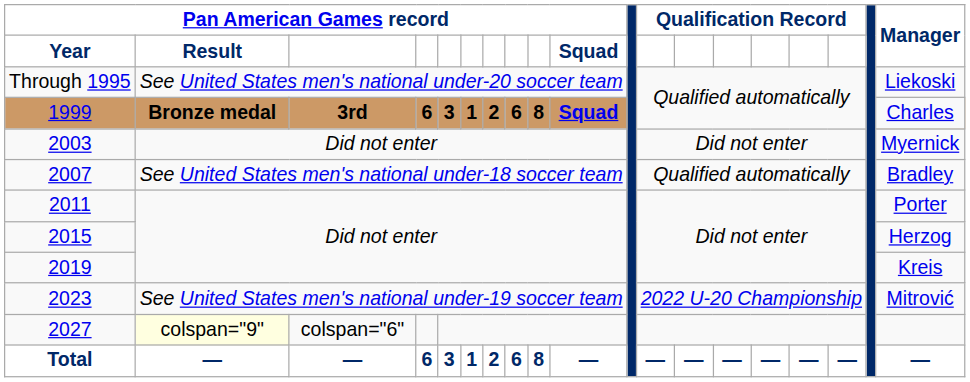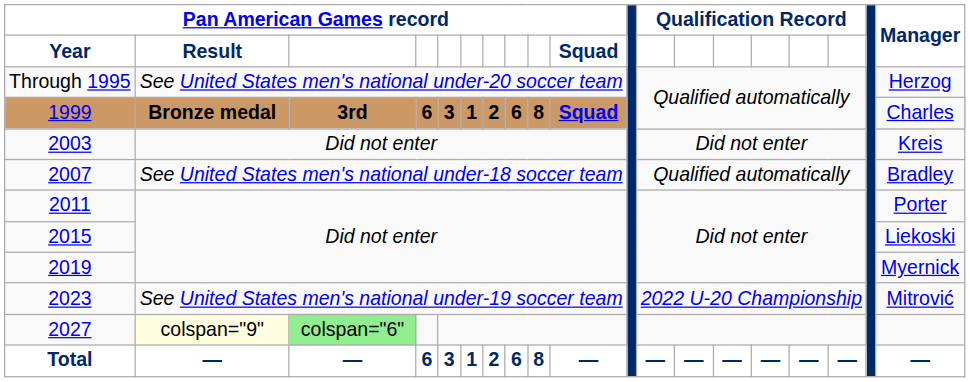 <table class="wikitable" style="text-align: center;font-size:100%;">
 <tr>
 <th colspan="10" style="color:#002868; background:white; "><a href='#'>Pan American Games</a> record</th>
 <th rowspan="12" style="color:#002868; background:#002868;"></th>
 <th colspan="6" style="color:#002868; background:white; ">Qualification Record</th>
 <th rowspan="12" style="color:#002868; background:#002868;"></th>
 <th rowspan="2" style="color:#002868; background:white; ">Manager</th>
 </tr>
 <tr>
 <th style="color:#002868; background:white; ">Year</th>
 <th style="color:#002868; background:white; ">Result</th>
 <th style="color:#002868; background:white; "></th>
 <th style="color:#002868; background:white; "></th>
 <th style="color:#002868; background:white; "></th>
 <th style="color:#002868; background:white; "></th>
 <th style="color:#002868; background:white; "></th>
 <th style="color:#002868; background:white; "></th>
 <th style="color:#002868; background:white; "></th>
 <th style="color:#002868; background:white; ">Squad</th>
 <th style="color:#002868; background:white; "></th>
 <th style="color:#002868; background:white; "></th>
 <th style="color:#002868; background:white; "></th>
 <th style="color:#002868; background:white; "></th>
 <th style="color:#002868; background:white; "></th>
 <th style="color:#002868; background:white; "></th>
 </tr>
 <tr>
 <td>Through <a href='#'>1995</a></td>
 <td colspan="9"><em>See <a href='#'>United States men's national under-20 soccer team</a></em></td>
 <td colspan="6" rowspan="2"><em>Qualified automatically</em></td>
-<td><a href='#'>Liekoski</a></td>
+<td><a href='#'>Herzog</a></td>
 </tr>
 <tr bgcolor="#cc9966">
 <td align="center"> <a href='#'>1999</a></td>
 <td><strong>Bronze medal</strong></td>
 <td><strong>3rd</strong></td>
 <td><strong>6</strong></td>
 <td><strong>3</strong></td>
 <td><strong>1</strong></td>
 <td><strong>2</strong></td>
 <td><strong>6</strong></td>
 <td><strong>8</strong></td>
 <td><strong><a href='#'>Squad</a></strong></td>
 <td bgcolor="#f8f9fa"><a href='#'>Charles</a></td>
 </tr>
 <tr>
 <td align="center"> <a href='#'>2003</a></td>
 <td colspan="9"><em>Did not enter</em></td>
 <td colspan="6"><em>Did not enter</em></td>
-<td><a href='#'>Myernick</a></td>
+<td><a href='#'>Kreis</a></td>
 </tr>
 <tr>
 <td align="center"> <a href='#'>2007</a></td>
 <td colspan="9"><em>See <a href='#'>United States men's national under-18 soccer team</a></em></td>
 <td colspan="6"><em>Qualified automatically</em></td>
 <td><a href='#'>Bradley</a></td>
 </tr>
 <tr>
 <td align="center"> <a href='#'>2011</a></td>
 <td colspan="9" rowspan="3"><em>Did not enter</em></td>
 <td colspan="6" rowspan="3"><em>Did not enter</em></td>
 <td><a href='#'>Porter</a></td>
 </tr>
 <tr>
 <td align="center"> <a href='#'>2015</a></td>
-<td><a href='#'>Herzog</a></td>
+<td><a href='#'>Liekoski</a></td>
 </tr>
 <tr>
 <td align="center"> <a href='#'>2019</a></td>
-<td><a href='#'>Kreis</a></td>
+<td><a href='#'>Myernick</a></td>
 </tr>
 <tr>
 <td align="center"> <a href='#'>2023</a></td>
 <td colspan="9"><em>See <a href='#'>United States men's national under-19 soccer team</a></em></td>
 <td colspan="6"><em><a href='#'>2022 U-20 Championship</a></em></td>
 <td><a href='#'>Mitrović</a></td>
 </tr>
 <tr>
 <td align="center"> <a href='#'>2027</a></td>
 <td style="background: lightyellow;">colspan="9" </td>
-<td>colspan="6" </td>
+<td style="background: lightgreen;">colspan="6" </td>
 <td></td>
 </tr>
 <tr>
 <th style="color:#002868; background:white; ">Total</th>
 <th style="color:#002868; background:white; ">—</th>
 <th style="color:#002868; background:white; ">—</th>
 <th style="color:#002868; background:white; ">6</th>
 <th style="color:#002868; background:white; ">3</th>
 <th style="color:#002868; background:white; ">1</th>
 <th style="color:#002868; background:white; ">2</th>
 <th style="color:#002868; background:white; ">6</th>
 <th style="color:#002868; background:white; ">8</th>
 <th style="color:#002868; background:white; ">—</th>
 <th style="color:#002868; background:white; ">—</th>
 <th style="color:#002868; background:white; ">—</th>
 <th style="color:#002868; background:white; ">—</th>
 <th style="color:#002868; background:white; ">—</th>
 <th style="color:#002868; background:white; ">—</th>
 <th style="color:#002868; background:white; ">—</th>
 <th style="color:#002868; background:white; ">—</th>
 </tr>
 </table>
